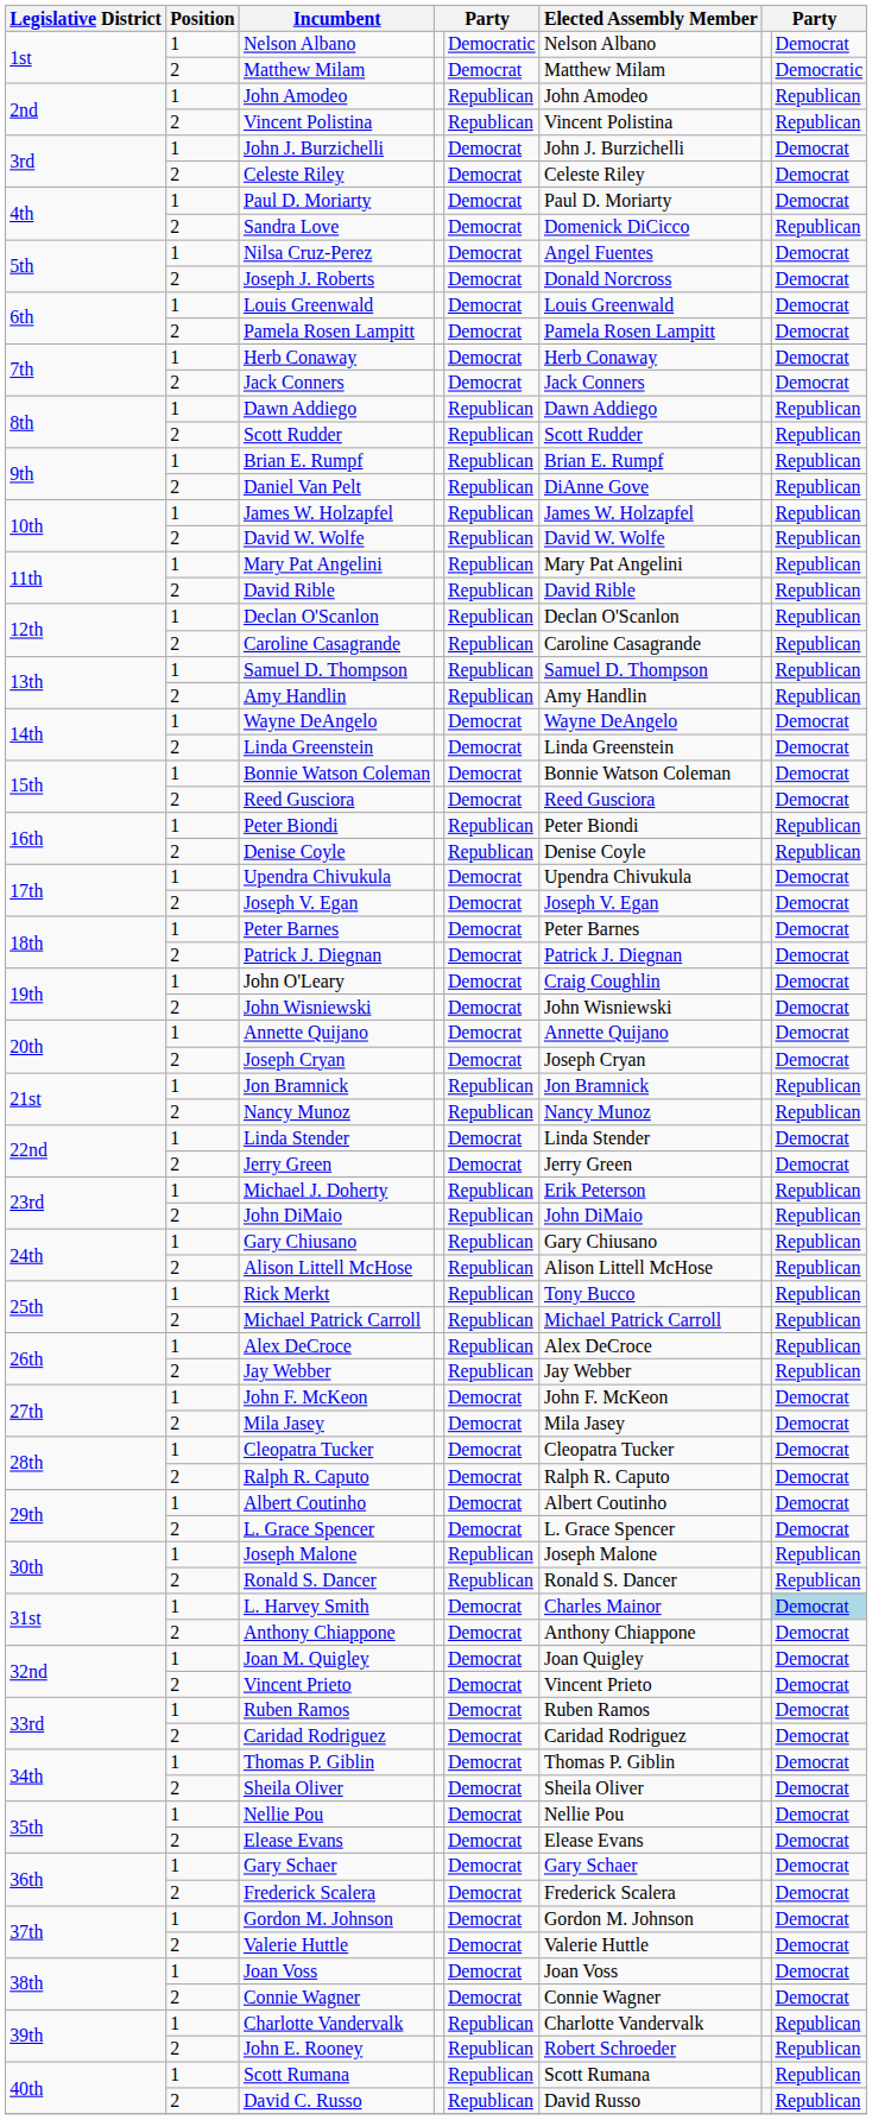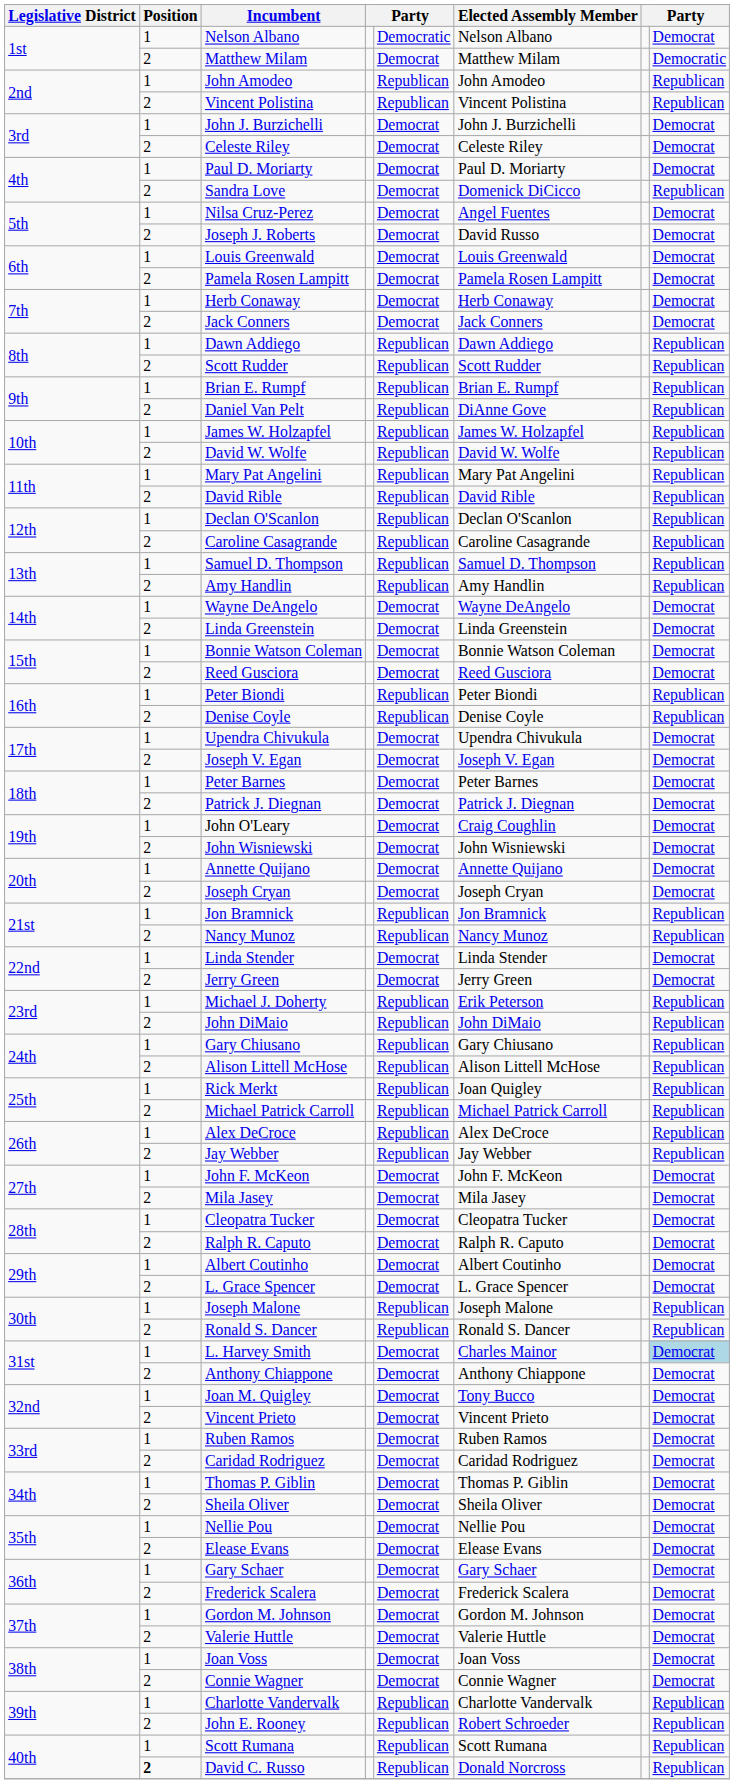 <table class="sortable wikitable" style="font-size:95%;line-height:14px;">
 <tr>
 <th colspan="1" class="sortable"><a href='#'>Legislative</a> District</th>
 <th colspan="1" class="sortable">Position</th>
 <th class="unsortable"><a href='#'>Incumbent</a></th>
 <th colspan="2">Party</th>
 <th class="unsortable">Elected Assembly Member</th>
 <th colspan="2">Party</th>
 </tr>
 <tr>
 <td rowspan="2"><a href='#'>1st</a></td>
 <td>1</td>
 <td><a href='#'>Nelson Albano</a></td>
 <td style="background:"></td>
 <td><a href='#'>Democratic</a></td>
 <td>Nelson Albano</td>
 <td style="background:"></td>
 <td><a href='#'>Democrat</a></td>
 </tr>
 <tr>
 <td>2</td>
 <td><a href='#'>Matthew Milam</a></td>
 <td style="background:"></td>
 <td><a href='#'>Democrat</a></td>
 <td>Matthew Milam</td>
 <td style="background:"></td>
 <td><a href='#'>Democratic</a></td>
 </tr>
 <tr>
 <td rowspan="2"><a href='#'>2nd</a></td>
 <td>1</td>
 <td><a href='#'>John Amodeo</a></td>
 <td style="background:"></td>
 <td><a href='#'>Republican</a></td>
 <td>John Amodeo</td>
 <td style="background:"></td>
 <td><a href='#'>Republican</a></td>
 </tr>
 <tr>
 <td>2</td>
 <td><a href='#'>Vincent Polistina</a></td>
 <td style="background:"></td>
 <td><a href='#'>Republican</a></td>
 <td>Vincent Polistina</td>
 <td style="background:"></td>
 <td><a href='#'>Republican</a></td>
 </tr>
 <tr>
 <td rowspan="2"><a href='#'>3rd</a></td>
 <td>1</td>
 <td><a href='#'>John J. Burzichelli</a></td>
 <td style="background:"></td>
 <td><a href='#'>Democrat</a></td>
 <td>John J. Burzichelli</td>
 <td style="background:"></td>
 <td><a href='#'>Democrat</a></td>
 </tr>
 <tr>
 <td>2</td>
 <td><a href='#'>Celeste Riley</a></td>
 <td style="background:"></td>
 <td><a href='#'>Democrat</a></td>
 <td>Celeste Riley</td>
 <td style="background:"></td>
 <td><a href='#'>Democrat</a></td>
 </tr>
 <tr>
 <td rowspan="2"><a href='#'>4th</a></td>
 <td>1</td>
 <td><a href='#'>Paul D. Moriarty</a></td>
 <td style="background:"></td>
 <td><a href='#'>Democrat</a></td>
 <td>Paul D. Moriarty</td>
 <td style="background:"></td>
 <td><a href='#'>Democrat</a></td>
 </tr>
 <tr>
 <td>2</td>
 <td><a href='#'>Sandra Love</a></td>
 <td style="background:"></td>
 <td><a href='#'>Democrat</a></td>
 <td><a href='#'>Domenick DiCicco</a></td>
 <td style="background:"></td>
 <td><a href='#'>Republican</a></td>
 </tr>
 <tr>
 <td rowspan="2"><a href='#'>5th</a></td>
 <td>1</td>
 <td><a href='#'>Nilsa Cruz-Perez</a></td>
 <td style="background:"></td>
 <td><a href='#'>Democrat</a></td>
 <td><a href='#'>Angel Fuentes</a></td>
 <td style="background:"></td>
 <td><a href='#'>Democrat</a></td>
 </tr>
 <tr>
 <td>2</td>
 <td><a href='#'>Joseph J. Roberts</a></td>
 <td style="background:"></td>
 <td><a href='#'>Democrat</a></td>
-<td><a href='#'>Donald Norcross</a></td>
+<td>David Russo</td>
 <td style="background:"></td>
 <td><a href='#'>Democrat</a></td>
 </tr>
 <tr>
 <td rowspan="2"><a href='#'>6th</a></td>
 <td>1</td>
 <td><a href='#'>Louis Greenwald</a></td>
 <td style="background:"></td>
 <td><a href='#'>Democrat</a></td>
 <td><a href='#'>Louis Greenwald</a></td>
 <td style="background:"></td>
 <td><a href='#'>Democrat</a></td>
 </tr>
 <tr>
 <td>2</td>
 <td><a href='#'>Pamela Rosen Lampitt</a></td>
 <td style="background:"></td>
 <td><a href='#'>Democrat</a></td>
 <td><a href='#'>Pamela Rosen Lampitt</a></td>
 <td style="background:"></td>
 <td><a href='#'>Democrat</a></td>
 </tr>
 <tr>
 <td rowspan="2"><a href='#'>7th</a></td>
 <td>1</td>
 <td><a href='#'>Herb Conaway</a></td>
 <td style="background:"></td>
 <td><a href='#'>Democrat</a></td>
 <td><a href='#'>Herb Conaway</a></td>
 <td style="background:"></td>
 <td><a href='#'>Democrat</a></td>
 </tr>
 <tr>
 <td>2</td>
 <td><a href='#'>Jack Conners</a></td>
 <td style="background:"></td>
 <td><a href='#'>Democrat</a></td>
 <td><a href='#'>Jack Conners</a></td>
 <td style="background:"></td>
 <td><a href='#'>Democrat</a></td>
 </tr>
 <tr>
 <td rowspan="2"><a href='#'>8th</a></td>
 <td>1</td>
 <td><a href='#'>Dawn Addiego</a></td>
 <td style="background:"></td>
 <td><a href='#'>Republican</a></td>
 <td><a href='#'>Dawn Addiego</a></td>
 <td style="background:"></td>
 <td><a href='#'>Republican</a></td>
 </tr>
 <tr>
 <td>2</td>
 <td><a href='#'>Scott Rudder</a></td>
 <td style="background:"></td>
 <td><a href='#'>Republican</a></td>
 <td><a href='#'>Scott Rudder</a></td>
 <td style="background:"></td>
 <td><a href='#'>Republican</a></td>
 </tr>
 <tr>
 <td rowspan="2"><a href='#'>9th</a></td>
 <td>1</td>
 <td><a href='#'>Brian E. Rumpf</a></td>
 <td style="background:"></td>
 <td><a href='#'>Republican</a></td>
 <td><a href='#'>Brian E. Rumpf</a></td>
 <td style="background:"></td>
 <td><a href='#'>Republican</a></td>
 </tr>
 <tr>
 <td>2</td>
 <td><a href='#'>Daniel Van Pelt</a></td>
 <td style="background:"></td>
 <td><a href='#'>Republican</a></td>
 <td><a href='#'>DiAnne Gove</a></td>
 <td style="background:"></td>
 <td><a href='#'>Republican</a></td>
 </tr>
 <tr>
 <td rowspan="2"><a href='#'>10th</a></td>
 <td>1</td>
 <td><a href='#'>James W. Holzapfel</a></td>
 <td style="background:"></td>
 <td><a href='#'>Republican</a></td>
 <td><a href='#'>James W. Holzapfel</a></td>
 <td style="background:"></td>
 <td><a href='#'>Republican</a></td>
 </tr>
 <tr>
 <td>2</td>
 <td><a href='#'>David W. Wolfe</a></td>
 <td style="background:"></td>
 <td><a href='#'>Republican</a></td>
 <td><a href='#'>David W. Wolfe</a></td>
 <td style="background:"></td>
 <td><a href='#'>Republican</a></td>
 </tr>
 <tr>
 <td rowspan="2"><a href='#'>11th</a></td>
 <td>1</td>
 <td><a href='#'>Mary Pat Angelini</a></td>
 <td style="background:"></td>
 <td><a href='#'>Republican</a></td>
 <td>Mary Pat Angelini</td>
 <td style="background:"></td>
 <td><a href='#'>Republican</a></td>
 </tr>
 <tr>
 <td>2</td>
 <td><a href='#'>David Rible</a></td>
 <td style="background:"></td>
 <td><a href='#'>Republican</a></td>
 <td><a href='#'>David Rible</a></td>
 <td style="background:"></td>
 <td><a href='#'>Republican</a></td>
 </tr>
 <tr>
 <td rowspan="2"><a href='#'>12th</a></td>
 <td>1</td>
 <td><a href='#'>Declan O'Scanlon</a></td>
 <td style="background:"></td>
 <td><a href='#'>Republican</a></td>
 <td>Declan O'Scanlon</td>
 <td style="background:"></td>
 <td><a href='#'>Republican</a></td>
 </tr>
 <tr>
 <td>2</td>
 <td><a href='#'>Caroline Casagrande</a></td>
 <td style="background:"></td>
 <td><a href='#'>Republican</a></td>
 <td>Caroline Casagrande</td>
 <td style="background:"></td>
 <td><a href='#'>Republican</a></td>
 </tr>
 <tr>
 <td rowspan="2"><a href='#'>13th</a></td>
 <td>1</td>
 <td><a href='#'>Samuel D. Thompson</a></td>
 <td style="background:"></td>
 <td><a href='#'>Republican</a></td>
 <td><a href='#'>Samuel D. Thompson</a></td>
 <td style="background:"></td>
 <td><a href='#'>Republican</a></td>
 </tr>
 <tr>
 <td>2</td>
 <td><a href='#'>Amy Handlin</a></td>
 <td style="background:"></td>
 <td><a href='#'>Republican</a></td>
 <td>Amy Handlin</td>
 <td style="background:"></td>
 <td><a href='#'>Republican</a></td>
 </tr>
 <tr>
 <td rowspan="2"><a href='#'>14th</a></td>
 <td>1</td>
 <td><a href='#'>Wayne DeAngelo</a></td>
 <td style="background:"></td>
 <td><a href='#'>Democrat</a></td>
 <td><a href='#'>Wayne DeAngelo</a></td>
 <td style="background:"></td>
 <td><a href='#'>Democrat</a></td>
 </tr>
 <tr>
 <td>2</td>
 <td><a href='#'>Linda Greenstein</a></td>
 <td style="background:"></td>
 <td><a href='#'>Democrat</a></td>
 <td>Linda Greenstein</td>
 <td style="background:"></td>
 <td><a href='#'>Democrat</a></td>
 </tr>
 <tr>
 <td rowspan="2"><a href='#'>15th</a></td>
 <td>1</td>
 <td><a href='#'>Bonnie Watson Coleman</a></td>
 <td style="background:"></td>
 <td><a href='#'>Democrat</a></td>
 <td>Bonnie Watson Coleman</td>
 <td style="background:"></td>
 <td><a href='#'>Democrat</a></td>
 </tr>
 <tr>
 <td>2</td>
 <td><a href='#'>Reed Gusciora</a></td>
 <td style="background:"></td>
 <td><a href='#'>Democrat</a></td>
 <td><a href='#'>Reed Gusciora</a></td>
 <td style="background:"></td>
 <td><a href='#'>Democrat</a></td>
 </tr>
 <tr>
 <td rowspan="2"><a href='#'>16th</a></td>
 <td>1</td>
 <td><a href='#'>Peter Biondi</a></td>
 <td style="background:"></td>
 <td><a href='#'>Republican</a></td>
 <td>Peter Biondi</td>
 <td style="background:"></td>
 <td><a href='#'>Republican</a></td>
 </tr>
 <tr>
 <td>2</td>
 <td><a href='#'>Denise Coyle</a></td>
 <td style="background:"></td>
 <td><a href='#'>Republican</a></td>
 <td>Denise Coyle</td>
 <td style="background:"></td>
 <td><a href='#'>Republican</a></td>
 </tr>
 <tr>
 <td rowspan="2"><a href='#'>17th</a></td>
 <td>1</td>
 <td><a href='#'>Upendra Chivukula</a></td>
 <td style="background:"></td>
 <td><a href='#'>Democrat</a></td>
 <td>Upendra Chivukula</td>
 <td style="background:"></td>
 <td><a href='#'>Democrat</a></td>
 </tr>
 <tr>
 <td>2</td>
 <td><a href='#'>Joseph V. Egan</a></td>
 <td style="background:"></td>
 <td><a href='#'>Democrat</a></td>
 <td><a href='#'>Joseph V. Egan</a></td>
 <td style="background:"></td>
 <td><a href='#'>Democrat</a></td>
 </tr>
 <tr>
 <td rowspan="2"><a href='#'>18th</a></td>
 <td>1</td>
 <td><a href='#'>Peter Barnes</a></td>
 <td style="background:"></td>
 <td><a href='#'>Democrat</a></td>
 <td>Peter Barnes</td>
 <td style="background:"></td>
 <td><a href='#'>Democrat</a></td>
 </tr>
 <tr>
 <td>2</td>
 <td><a href='#'>Patrick J. Diegnan</a></td>
 <td style="background:"></td>
 <td><a href='#'>Democrat</a></td>
 <td><a href='#'>Patrick J. Diegnan</a></td>
 <td style="background:"></td>
 <td><a href='#'>Democrat</a></td>
 </tr>
 <tr>
 <td rowspan="2"><a href='#'>19th</a></td>
 <td>1</td>
 <td>John O'Leary</td>
 <td style="background:"></td>
 <td><a href='#'>Democrat</a></td>
 <td><a href='#'>Craig Coughlin</a></td>
 <td style="background:"></td>
 <td><a href='#'>Democrat</a></td>
 </tr>
 <tr>
 <td>2</td>
 <td><a href='#'>John Wisniewski</a></td>
 <td style="background:"></td>
 <td><a href='#'>Democrat</a></td>
 <td>John Wisniewski</td>
 <td style="background:"></td>
 <td><a href='#'>Democrat</a></td>
 </tr>
 <tr>
 <td rowspan="2"><a href='#'>20th</a></td>
 <td>1</td>
 <td><a href='#'>Annette Quijano</a></td>
 <td style="background:"></td>
 <td><a href='#'>Democrat</a></td>
 <td><a href='#'>Annette Quijano</a></td>
 <td style="background:"></td>
 <td><a href='#'>Democrat</a></td>
 </tr>
 <tr>
 <td>2</td>
 <td><a href='#'>Joseph Cryan</a></td>
 <td style="background:"></td>
 <td><a href='#'>Democrat</a></td>
 <td>Joseph Cryan</td>
 <td style="background:"></td>
 <td><a href='#'>Democrat</a></td>
 </tr>
 <tr>
 <td rowspan="2"><a href='#'>21st</a></td>
 <td>1</td>
 <td><a href='#'>Jon Bramnick</a></td>
 <td style="background:"></td>
 <td><a href='#'>Republican</a></td>
 <td><a href='#'>Jon Bramnick</a></td>
 <td style="background:"></td>
 <td><a href='#'>Republican</a></td>
 </tr>
 <tr>
 <td>2</td>
 <td><a href='#'>Nancy Munoz</a></td>
 <td style="background:"></td>
 <td><a href='#'>Republican</a></td>
 <td><a href='#'>Nancy Munoz</a></td>
 <td style="background:"></td>
 <td><a href='#'>Republican</a></td>
 </tr>
 <tr>
 <td rowspan="2"><a href='#'>22nd</a></td>
 <td>1</td>
 <td><a href='#'>Linda Stender</a></td>
 <td style="background:"></td>
 <td><a href='#'>Democrat</a></td>
 <td>Linda Stender</td>
 <td style="background:"></td>
 <td><a href='#'>Democrat</a></td>
 </tr>
 <tr>
 <td>2</td>
 <td><a href='#'>Jerry Green</a></td>
 <td style="background:"></td>
 <td><a href='#'>Democrat</a></td>
 <td>Jerry Green</td>
 <td style="background:"></td>
 <td><a href='#'>Democrat</a></td>
 </tr>
 <tr>
 <td rowspan="2"><a href='#'>23rd</a></td>
 <td>1</td>
 <td><a href='#'>Michael J. Doherty</a></td>
 <td style="background:"></td>
 <td><a href='#'>Republican</a></td>
 <td><a href='#'>Erik Peterson</a></td>
 <td style="background:"></td>
 <td><a href='#'>Republican</a></td>
 </tr>
 <tr>
 <td>2</td>
 <td><a href='#'>John DiMaio</a></td>
 <td style="background:"></td>
 <td><a href='#'>Republican</a></td>
 <td><a href='#'>John DiMaio</a></td>
 <td style="background:"></td>
 <td><a href='#'>Republican</a></td>
 </tr>
 <tr>
 <td rowspan="2"><a href='#'>24th</a></td>
 <td>1</td>
 <td><a href='#'>Gary Chiusano</a></td>
 <td style="background:"></td>
 <td><a href='#'>Republican</a></td>
 <td>Gary Chiusano</td>
 <td style="background:"></td>
 <td><a href='#'>Republican</a></td>
 </tr>
 <tr>
 <td>2</td>
 <td><a href='#'>Alison Littell McHose</a></td>
 <td style="background:"></td>
 <td><a href='#'>Republican</a></td>
 <td>Alison Littell McHose</td>
 <td style="background:"></td>
 <td><a href='#'>Republican</a></td>
 </tr>
 <tr>
 <td rowspan="2"><a href='#'>25th</a></td>
 <td>1</td>
 <td><a href='#'>Rick Merkt</a></td>
 <td style="background:"></td>
 <td><a href='#'>Republican</a></td>
-<td><a href='#'>Tony Bucco</a></td>
+<td>Joan Quigley</td>
 <td style="background:"></td>
 <td><a href='#'>Republican</a></td>
 </tr>
 <tr>
 <td>2</td>
 <td><a href='#'>Michael Patrick Carroll</a></td>
 <td style="background:"></td>
 <td><a href='#'>Republican</a></td>
 <td><a href='#'>Michael Patrick Carroll</a></td>
 <td style="background:"></td>
 <td><a href='#'>Republican</a></td>
 </tr>
 <tr>
 <td rowspan="2"><a href='#'>26th</a></td>
 <td>1</td>
 <td><a href='#'>Alex DeCroce</a></td>
 <td style="background:"></td>
 <td><a href='#'>Republican</a></td>
 <td>Alex DeCroce</td>
 <td style="background:"></td>
 <td><a href='#'>Republican</a></td>
 </tr>
 <tr>
 <td>2</td>
 <td><a href='#'>Jay Webber</a></td>
 <td style="background:"></td>
 <td><a href='#'>Republican</a></td>
 <td>Jay Webber</td>
 <td style="background:"></td>
 <td><a href='#'>Republican</a></td>
 </tr>
 <tr>
 <td rowspan="2"><a href='#'>27th</a></td>
 <td>1</td>
 <td><a href='#'>John F. McKeon</a></td>
 <td style="background:"></td>
 <td><a href='#'>Democrat</a></td>
 <td>John F. McKeon</td>
 <td style="background:"></td>
 <td><a href='#'>Democrat</a></td>
 </tr>
 <tr>
 <td>2</td>
 <td><a href='#'>Mila Jasey</a></td>
 <td style="background:"></td>
 <td><a href='#'>Democrat</a></td>
 <td>Mila Jasey</td>
 <td style="background:"></td>
 <td><a href='#'>Democrat</a></td>
 </tr>
 <tr>
 <td rowspan="2"><a href='#'>28th</a></td>
 <td>1</td>
 <td><a href='#'>Cleopatra Tucker</a></td>
 <td style="background:"></td>
 <td><a href='#'>Democrat</a></td>
 <td>Cleopatra Tucker</td>
 <td style="background:"></td>
 <td><a href='#'>Democrat</a></td>
 </tr>
 <tr>
 <td>2</td>
 <td><a href='#'>Ralph R. Caputo</a></td>
 <td style="background:"></td>
 <td><a href='#'>Democrat</a></td>
 <td>Ralph R. Caputo</td>
 <td style="background:"></td>
 <td><a href='#'>Democrat</a></td>
 </tr>
 <tr>
 <td rowspan="2"><a href='#'>29th</a></td>
 <td>1</td>
 <td><a href='#'>Albert Coutinho</a></td>
 <td style="background:"></td>
 <td><a href='#'>Democrat</a></td>
 <td>Albert Coutinho</td>
 <td style="background:"></td>
 <td><a href='#'>Democrat</a></td>
 </tr>
 <tr>
 <td>2</td>
 <td><a href='#'>L. Grace Spencer</a></td>
 <td style="background:"></td>
 <td><a href='#'>Democrat</a></td>
 <td>L. Grace Spencer</td>
 <td style="background:"></td>
 <td><a href='#'>Democrat</a></td>
 </tr>
 <tr>
 <td rowspan="2"><a href='#'>30th</a></td>
 <td>1</td>
 <td><a href='#'>Joseph Malone</a></td>
 <td style="background:"></td>
 <td><a href='#'>Republican</a></td>
 <td>Joseph Malone</td>
 <td style="background:"></td>
 <td><a href='#'>Republican</a></td>
 </tr>
 <tr>
 <td>2</td>
 <td><a href='#'>Ronald S. Dancer</a></td>
 <td style="background:"></td>
 <td><a href='#'>Republican</a></td>
 <td>Ronald S. Dancer</td>
 <td style="background:"></td>
 <td><a href='#'>Republican</a></td>
 </tr>
 <tr>
 <td rowspan="2"><a href='#'>31st</a></td>
 <td>1</td>
 <td><a href='#'>L. Harvey Smith</a></td>
 <td style="background:"></td>
 <td><a href='#'>Democrat</a></td>
 <td><a href='#'>Charles Mainor</a></td>
 <td style="background:"></td>
 <td style="background: lightblue;"><a href='#'>Democrat</a></td>
 </tr>
 <tr>
 <td>2</td>
 <td><a href='#'>Anthony Chiappone</a></td>
 <td style="background:"></td>
 <td><a href='#'>Democrat</a></td>
 <td>Anthony Chiappone</td>
 <td style="background:"></td>
 <td><a href='#'>Democrat</a></td>
 </tr>
 <tr>
 <td rowspan="2"><a href='#'>32nd</a></td>
 <td>1</td>
 <td><a href='#'>Joan M. Quigley</a></td>
 <td style="background:"></td>
 <td><a href='#'>Democrat</a></td>
-<td>Joan Quigley</td>
+<td><a href='#'>Tony Bucco</a></td>
 <td style="background:"></td>
 <td><a href='#'>Democrat</a></td>
 </tr>
 <tr>
 <td>2</td>
 <td><a href='#'>Vincent Prieto</a></td>
 <td style="background:"></td>
 <td><a href='#'>Democrat</a></td>
 <td>Vincent Prieto</td>
 <td style="background:"></td>
 <td><a href='#'>Democrat</a></td>
 </tr>
 <tr>
 <td rowspan="2"><a href='#'>33rd</a></td>
 <td>1</td>
 <td><a href='#'>Ruben Ramos</a></td>
 <td style="background:"></td>
 <td><a href='#'>Democrat</a></td>
 <td>Ruben Ramos</td>
 <td style="background:"></td>
 <td><a href='#'>Democrat</a></td>
 </tr>
 <tr>
 <td>2</td>
 <td><a href='#'>Caridad Rodriguez</a></td>
 <td style="background:"></td>
 <td><a href='#'>Democrat</a></td>
 <td>Caridad Rodriguez</td>
 <td style="background:"></td>
 <td><a href='#'>Democrat</a></td>
 </tr>
 <tr>
 <td rowspan="2"><a href='#'>34th</a></td>
 <td>1</td>
 <td><a href='#'>Thomas P. Giblin</a></td>
 <td style="background:"></td>
 <td><a href='#'>Democrat</a></td>
 <td>Thomas P. Giblin</td>
 <td style="background:"></td>
 <td><a href='#'>Democrat</a></td>
 </tr>
 <tr>
 <td>2</td>
 <td><a href='#'>Sheila Oliver</a></td>
 <td style="background:"></td>
 <td><a href='#'>Democrat</a></td>
 <td>Sheila Oliver</td>
 <td style="background:"></td>
 <td><a href='#'>Democrat</a></td>
 </tr>
 <tr>
 <td rowspan="2"><a href='#'>35th</a></td>
 <td>1</td>
 <td><a href='#'>Nellie Pou</a></td>
 <td style="background:"></td>
 <td><a href='#'>Democrat</a></td>
 <td>Nellie Pou</td>
 <td style="background:"></td>
 <td><a href='#'>Democrat</a></td>
 </tr>
 <tr>
 <td>2</td>
 <td><a href='#'>Elease Evans</a></td>
 <td style="background:"></td>
 <td><a href='#'>Democrat</a></td>
 <td>Elease Evans</td>
 <td style="background:"></td>
 <td><a href='#'>Democrat</a></td>
 </tr>
 <tr>
 <td rowspan="2"><a href='#'>36th</a></td>
 <td>1</td>
 <td><a href='#'>Gary Schaer</a></td>
 <td style="background:"></td>
 <td><a href='#'>Democrat</a></td>
 <td><a href='#'>Gary Schaer</a></td>
 <td style="background:"></td>
 <td><a href='#'>Democrat</a></td>
 </tr>
 <tr>
 <td>2</td>
 <td><a href='#'>Frederick Scalera</a></td>
 <td style="background:"></td>
 <td><a href='#'>Democrat</a></td>
 <td>Frederick Scalera</td>
 <td style="background:"></td>
 <td><a href='#'>Democrat</a></td>
 </tr>
 <tr>
 <td rowspan="2"><a href='#'>37th</a></td>
 <td>1</td>
 <td><a href='#'>Gordon M. Johnson</a></td>
 <td style="background:"></td>
 <td><a href='#'>Democrat</a></td>
 <td>Gordon M. Johnson</td>
 <td style="background:"></td>
 <td><a href='#'>Democrat</a></td>
 </tr>
 <tr>
 <td>2</td>
 <td><a href='#'>Valerie Huttle</a></td>
 <td style="background:"></td>
 <td><a href='#'>Democrat</a></td>
 <td>Valerie Huttle</td>
 <td style="background:"></td>
 <td><a href='#'>Democrat</a></td>
 </tr>
 <tr>
 <td rowspan="2"><a href='#'>38th</a></td>
 <td>1</td>
 <td><a href='#'>Joan Voss</a></td>
 <td style="background:"></td>
 <td><a href='#'>Democrat</a></td>
 <td>Joan Voss</td>
 <td style="background:"></td>
 <td><a href='#'>Democrat</a></td>
 </tr>
 <tr>
 <td>2</td>
 <td><a href='#'>Connie Wagner</a></td>
 <td style="background:"></td>
 <td><a href='#'>Democrat</a></td>
 <td>Connie Wagner</td>
 <td style="background:"></td>
 <td><a href='#'>Democrat</a></td>
 </tr>
 <tr>
 <td rowspan="2"><a href='#'>39th</a></td>
 <td>1</td>
 <td><a href='#'>Charlotte Vandervalk</a></td>
 <td style="background:"></td>
 <td><a href='#'>Republican</a></td>
 <td>Charlotte Vandervalk</td>
 <td style="background:"></td>
 <td><a href='#'>Republican</a></td>
 </tr>
 <tr>
 <td>2</td>
 <td><a href='#'>John E. Rooney</a></td>
 <td style="background:"></td>
 <td><a href='#'>Republican</a></td>
 <td><a href='#'>Robert Schroeder</a></td>
 <td style="background:"></td>
 <td><a href='#'>Republican</a></td>
 </tr>
 <tr>
 <td rowspan="2"><a href='#'>40th</a></td>
 <td>1</td>
 <td><a href='#'>Scott Rumana</a></td>
 <td style="background:"></td>
 <td><a href='#'>Republican</a></td>
 <td>Scott Rumana</td>
 <td style="background:"></td>
 <td><a href='#'>Republican</a></td>
 </tr>
 <tr>
-<td>2</td>
+<td><strong>2</strong></td>
 <td><a href='#'>David C. Russo</a></td>
 <td style="background:"></td>
 <td><a href='#'>Republican</a></td>
-<td>David Russo</td>
+<td><a href='#'>Donald Norcross</a></td>
 <td style="background:"></td>
 <td><a href='#'>Republican</a></td>
 </tr>
 <tr>
 </tr>
 </table>
